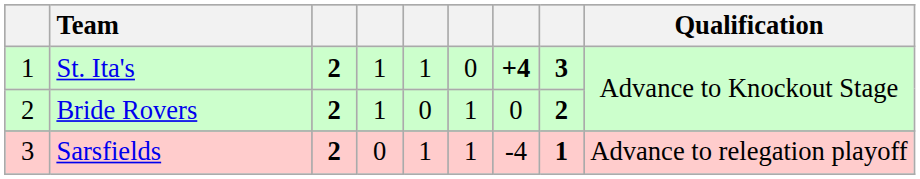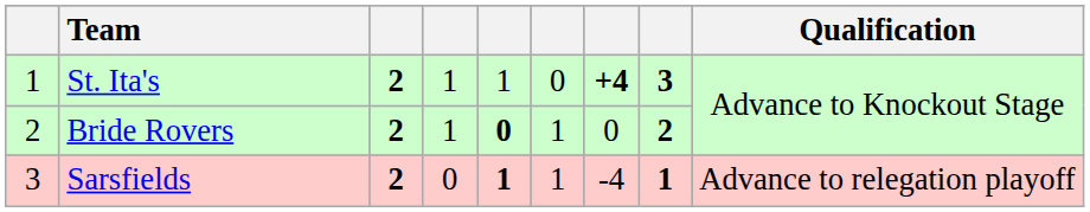 <table class="wikitable" style="text-align:center">
 <tr>
 <th width="20"></th>
 <th width="150" style="text-align:left;">Team</th>
 <th width="20"></th>
 <th width="20"></th>
 <th width="20"></th>
 <th width="20"></th>
 <th width="20"></th>
 <th width="20"></th>
 <th>Qualification</th>
 </tr>
 <tr style="background:#ccffcc">
 <td>1</td>
 <td align="left"> <a href='#'>St. Ita's</a></td>
 <td><strong>2</strong></td>
 <td>1</td>
 <td>1</td>
 <td>0</td>
 <td><strong>+4</strong></td>
 <td><strong>3</strong></td>
 <td rowspan="2">Advance to Knockout Stage</td>
 </tr>
 <tr style="background:#ccffcc">
 <td>2</td>
 <td align="left"> <a href='#'>Bride Rovers</a></td>
 <td><strong>2</strong></td>
 <td>1</td>
-<td>0</td>
+<td><strong>0</strong></td>
 <td>1</td>
 <td>0</td>
 <td><strong>2</strong></td>
 </tr>
 <tr style="background:#ffcccc">
 <td>3</td>
 <td align="left"> <a href='#'>Sarsfields</a></td>
 <td><strong>2</strong></td>
 <td>0</td>
-<td>1</td>
+<td><strong>1</strong></td>
 <td>1</td>
 <td>-4</td>
 <td><strong>1</strong></td>
 <td>Advance to relegation playoff</td>
 </tr>
 </table>
